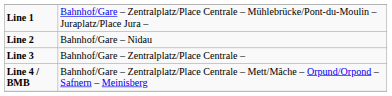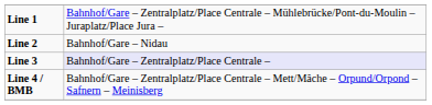 <table class="wikitable">
 <tr>
 </tr>
 <tr>
 <td><strong>Line 1</strong></td>
 <td><a href='#'>Bahnhof/Gare</a> – Zentralplatz/Place Centrale – Mühlebrücke/Pont-du-Moulin – Juraplatz/Place Jura – </td>
 </tr>
 <tr>
 <td><strong>Line 2</strong></td>
 <td>Bahnhof/Gare – Nidau</td>
 </tr>
 <tr>
 <td><strong>Line 3</strong></td>
-<td>Bahnhof/Gare – Zentralplatz/Place Centrale – </td>
+<td style="background: lavender;">Bahnhof/Gare – Zentralplatz/Place Centrale – </td>
 </tr>
 <tr>
 <td><strong>Line 4  / BMB</strong></td>
 <td>Bahnhof/Gare – Zentralplatz/Place Centrale – Mett/Mâche – <a href='#'>Orpund/Orpond</a> – <a href='#'>Safnern</a> – <a href='#'>Meinisberg</a></td>
 </tr>
 <tr>
 </tr>
 </table>
